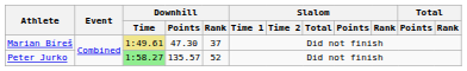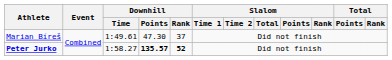 <table class="wikitable" style="font-size:90%">
 <tr>
 <th rowspan="2">Athlete</th>
 <th rowspan="2">Event</th>
 <th colspan="3">Downhill</th>
 <th colspan="5">Slalom</th>
 <th colspan="2">Total</th>
 </tr>
 <tr>
 <th>Time</th>
 <th>Points</th>
 <th>Rank</th>
 <th>Time 1</th>
 <th>Time 2</th>
 <th>Total</th>
 <th>Points</th>
 <th>Rank</th>
 <th>Points</th>
 <th>Rank</th>
 </tr>
 <tr align="center">
 <td align="left"><a href='#'>Marian Bíreš</a></td>
 <td align="left" rowspan=2><a href='#'>Combined</a></td>
-<td style="background: khaki;">1:49.61</td>
+<td>1:49.61</td>
 <td>47.30</td>
 <td>37</td>
 <td colspan=7>Did not finish</td>
 </tr>
 <tr align="center">
-<td align="left"><a href='#'>Peter Jurko</a></td>
-<td style="background: lightgreen;">1:58.27</td>
-<td>135.57</td>
-<td>52</td>
+<td align="left"><strong><a href='#'>Peter Jurko</a></strong></td>
+<td>1:58.27</td>
+<td><strong>135.57</strong></td>
+<td><strong>52</strong></td>
 <td colspan=7>Did not finish</td>
 </tr>
 </table>
